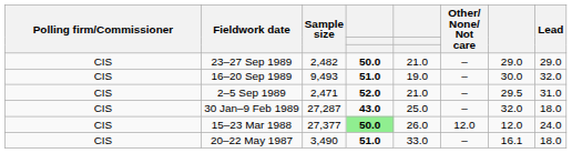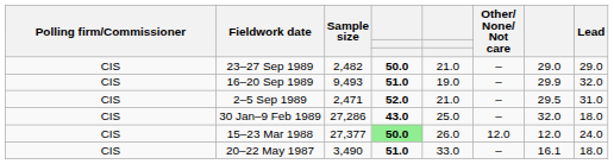 <table class="wikitable collapsible collapsed" style="text-align:center; font-size:90%; line-height:14px;">
 <tr style="height:42px;">
 <th style="width:250px;" rowspan="3">Polling firm/Commissioner</th>
 <th style="width:125px;" rowspan="3">Fieldwork date</th>
 <th style="width:50px;" rowspan="3">Sample size</th>
 <th style="width:55px;"></th>
 <th style="width:55px;"></th>
 <th style="width:55px;" rowspan="3">Other/<br>None/<br>Not<br>care</th>
 <th style="width:55px;" rowspan="3"></th>
 <th style="width:30px;" rowspan="3">Lead</th>
 </tr>
 <tr>
 <th style="color:inherit;background:"></th>
 <th style="color:inherit;background:"></th>
 </tr>
 <tr>
 <th></th>
 <th></th>
 </tr>
 <tr>
 <td>CIS</td>
 <td>23–27 Sep 1989</td>
 <td>2,482</td>
 <td><strong>50.0</strong></td>
 <td>21.0</td>
 <td>–</td>
 <td>29.0</td>
 <td style="background:">29.0</td>
 </tr>
 <tr>
 <td>CIS</td>
 <td>16–20 Sep 1989</td>
 <td>9,493</td>
 <td><strong>51.0</strong></td>
 <td>19.0</td>
 <td>–</td>
-<td>30.0</td>
+<td>29.9</td>
 <td style="background:">32.0</td>
 </tr>
 <tr>
 <td>CIS</td>
 <td>2–5 Sep 1989</td>
 <td>2,471</td>
 <td><strong>52.0</strong></td>
 <td>21.0</td>
 <td>–</td>
 <td>29.5</td>
 <td style="background:">31.0</td>
 </tr>
 <tr>
 <td>CIS</td>
 <td>30 Jan–9 Feb 1989</td>
-<td>27,287</td>
+<td>27,286</td>
 <td><strong>43.0</strong></td>
 <td>25.0</td>
 <td>–</td>
 <td>32.0</td>
 <td style="background:">18.0</td>
 </tr>
 <tr>
 <td>CIS</td>
 <td>15–23 Mar 1988</td>
 <td>27,377</td>
 <td style="background: lightgreen;"><strong>50.0</strong></td>
 <td>26.0</td>
 <td>12.0</td>
 <td>12.0</td>
 <td style="background:">24.0</td>
 </tr>
 <tr>
 <td>CIS</td>
 <td>20–22 May 1987</td>
 <td>3,490</td>
 <td><strong>51.0</strong></td>
 <td>33.0</td>
 <td>–</td>
 <td>16.1</td>
 <td style="background:">18.0</td>
 </tr>
 </table>
